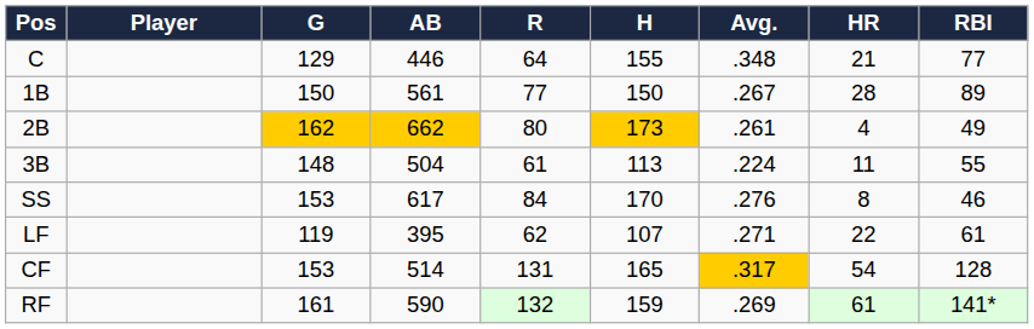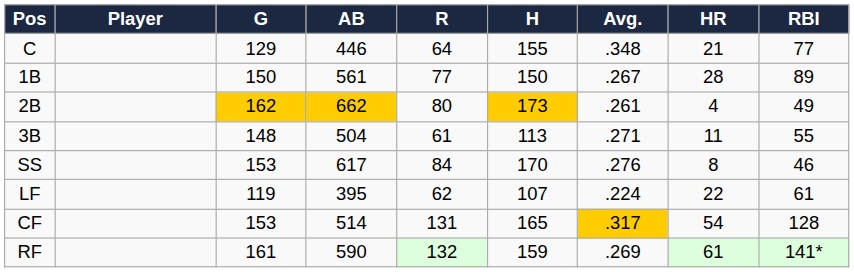 <table class="wikitable sortable">
 <tr>
 <th style="background:#1c2841; color:white; width:5%;">Pos</th>
 <th style="background:#1c2841; color:white; width:16%;">Player</th>
 <th style="background:#1c2841; color:white; width:9%;">G</th>
 <th style="background:#1c2841; color:white; width:9%;">AB</th>
 <th style="background:#1c2841; color:white; width:9%;">R</th>
 <th style="background:#1c2841; color:white; width:9%;">H</th>
 <th style="background:#1c2841; color:white; width:9%;">Avg.</th>
 <th style="background:#1c2841; color:white; width:9%;">HR</th>
 <th style="background:#1c2841; color:white; width:9%;">RBI</th>
 </tr>
 <tr style="text-align:center;">
 <td>C</td>
 <td></td>
 <td>129</td>
 <td>446</td>
 <td>64</td>
 <td>155</td>
 <td>.348</td>
 <td>21</td>
 <td>77</td>
 </tr>
 <tr style="text-align:center;">
 <td>1B</td>
 <td></td>
 <td>150</td>
 <td>561</td>
 <td>77</td>
 <td>150</td>
 <td>.267</td>
 <td>28</td>
 <td>89</td>
 </tr>
 <tr style="text-align:center;">
 <td>2B</td>
 <td></td>
 <td style="background:#fc0;">162</td>
 <td style="background:#fc0;">662</td>
 <td>80</td>
 <td style="background:#fc0;">173</td>
 <td>.261</td>
 <td>4</td>
 <td>49</td>
 </tr>
 <tr style="text-align:center;">
 <td>3B</td>
 <td></td>
 <td>148</td>
 <td>504</td>
 <td>61</td>
 <td>113</td>
-<td>.224</td>
+<td>.271</td>
 <td>11</td>
 <td>55</td>
 </tr>
 <tr style="text-align:center;">
 <td>SS</td>
 <td></td>
 <td>153</td>
 <td>617</td>
 <td>84</td>
 <td>170</td>
 <td>.276</td>
 <td>8</td>
 <td>46</td>
 </tr>
 <tr style="text-align:center;">
 <td>LF</td>
 <td></td>
 <td>119</td>
 <td>395</td>
 <td>62</td>
 <td>107</td>
-<td>.271</td>
+<td>.224</td>
 <td>22</td>
 <td>61</td>
 </tr>
 <tr style="text-align:center;">
 <td>CF</td>
 <td></td>
 <td>153</td>
 <td>514</td>
 <td>131</td>
 <td>165</td>
 <td style="background:#fc0;">.317</td>
 <td>54</td>
 <td>128</td>
 </tr>
 <tr style="text-align:center;">
 <td>RF</td>
 <td></td>
 <td>161</td>
 <td>590</td>
 <td style="background:#DDFFDD;">132</td>
 <td>159</td>
 <td>.269</td>
 <td style="background:#DDFFDD;">61</td>
 <td style="background:#DDFFDD;">141*</td>
 </tr>
 </table>
